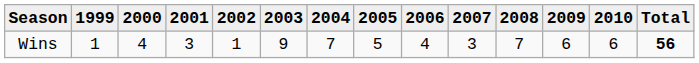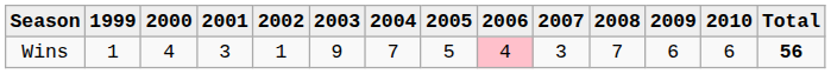 <table class="wikitable">
 <tr style=background:#efefef;font-weight:bold>
 <td>Season</td>
 <td>1999</td>
 <td>2000</td>
 <td>2001</td>
 <td>2002</td>
 <td>2003</td>
 <td>2004</td>
 <td>2005</td>
 <td>2006</td>
 <td>2007</td>
 <td>2008</td>
 <td>2009</td>
 <td>2010</td>
 <td><strong>Total</strong></td>
 </tr>
 <tr align=center>
 <td>Wins</td>
 <td>1</td>
 <td>4</td>
 <td>3</td>
 <td>1</td>
 <td>9</td>
 <td>7</td>
 <td>5</td>
-<td>4</td>
+<td style="background: pink;">4</td>
 <td>3</td>
 <td>7</td>
 <td>6</td>
 <td>6</td>
 <td><strong>56</strong></td>
 </tr>
 </table>
